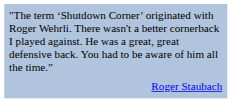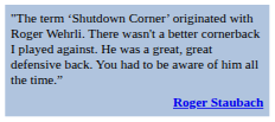 <table class="toccolours" style="float: right; margin-left: 1em; margin-right: 2em; font-size: 85%; background:#b0c4de; width:20em;" cellspacing="5">
 <tr>
 <td style="text-align: left;">"The term ‘Shutdown Corner’ originated with Roger Wehrli. There wasn't a better cornerback I played against. He was a great, great defensive back. You had to be aware of him all the time.”</td>
 </tr>
 <tr>
-<td style="text-align: right;"><a href='#'>Roger Staubach</a></td>
+<td style="text-align: right;"><strong><a href='#'>Roger Staubach</a></strong></td>
 </tr>
 </table>
